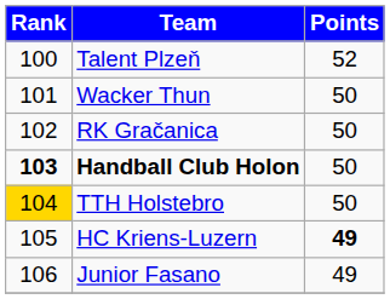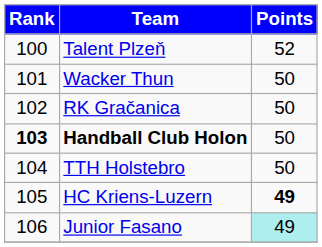 <table class="wikitable" style="text-align: center">
 <tr>
 <th style="color:#FFFFFF; background:blue">Rank</th>
 <th style="color:#FFFFFF; background:blue">Team</th>
 <th style="color:#FFFFFF; background:blue">Points</th>
 </tr>
 <tr>
 <td>100</td>
 <td align=left> <a href='#'>Talent Plzeň</a></td>
 <td>52</td>
 </tr>
 <tr>
 <td>101</td>
 <td align=left> <a href='#'>Wacker Thun</a></td>
 <td>50</td>
 </tr>
 <tr>
 <td>102</td>
 <td align=left> <a href='#'>RK Gračanica</a></td>
 <td>50</td>
 </tr>
 <tr>
 <td><strong>103</strong></td>
 <td align=left> <strong>Handball Club Holon</strong></td>
 <td>50</td>
 </tr>
 <tr>
-<td style="background: gold;">104</td>
+<td>104</td>
 <td align=left> <a href='#'>TTH Holstebro</a></td>
 <td>50</td>
 </tr>
 <tr>
 <td>105</td>
 <td align=left> <a href='#'>HC Kriens-Luzern</a></td>
 <td><strong>49</strong></td>
 </tr>
 <tr>
 <td>106</td>
 <td align=left> <a href='#'>Junior Fasano</a></td>
-<td>49</td>
+<td style="background: paleturquoise;">49</td>
 </tr>
 <tr>
 </tr>
 </table>
